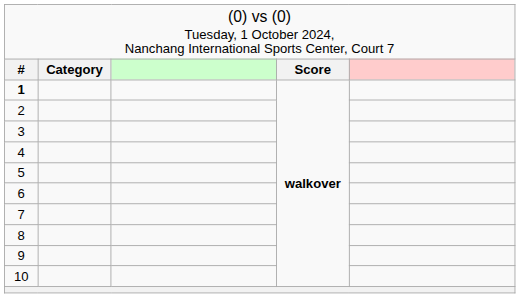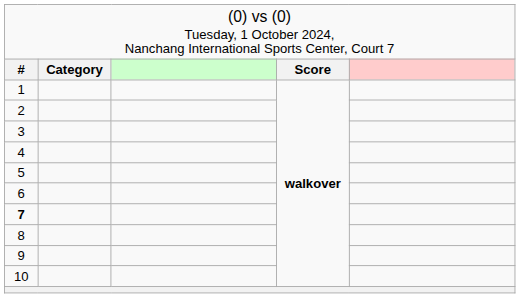 <table class="wikitable mw-collapsible mw-collapsed" style="font-size:90%; text-align:center" width="90%">
 <tr>
 <td colspan="5"><big>(0) <strong></strong> vs  (0)</big><br>Tuesday, 1 October 2024, <br>Nanchang International Sports Center, Court 7</td>
 </tr>
 <tr>
 <th width="25">#</th>
 <th width="50">Category</th>
 <th style="background-color:#CCFFCC" width="150"></th>
 <th width="50">Score<br></th>
 <th style="background-color:#FFCCCC" width="150"></th>
 </tr>
 <tr>
-<td><strong>1</strong></td>
+<td>1</td>
 <td></td>
 <td align="right"></td>
 <td rowspan="10"><strong>walkover</strong></td>
 <td align="left"></td>
 </tr>
 <tr>
 <td>2</td>
 <td></td>
 <td align="right"></td>
 <td align="left"></td>
 </tr>
 <tr>
 <td>3</td>
 <td></td>
 <td align="right"></td>
 <td align="left"></td>
 </tr>
 <tr>
 <td>4</td>
 <td></td>
 <td align="right"></td>
 <td align="left"></td>
 </tr>
 <tr>
 <td>5</td>
 <td></td>
 <td align="right"></td>
 <td align="left"></td>
 </tr>
 <tr>
 <td>6</td>
 <td></td>
 <td align="right"></td>
 <td align="left"></td>
 </tr>
 <tr>
-<td>7</td>
+<td><strong>7</strong></td>
 <td></td>
 <td align="right"></td>
 <td align="left"></td>
 </tr>
 <tr>
 <td>8</td>
 <td></td>
 <td align="right"></td>
 <td align="left"></td>
 </tr>
 <tr>
 <td>9</td>
 <td></td>
 <td align="right"></td>
 <td align="left"></td>
 </tr>
 <tr>
 <td>10</td>
 <td></td>
 <td align="right"></td>
 <td align="left"></td>
 </tr>
 <tr>
 <th colspan="5"></th>
 </tr>
 </table>
